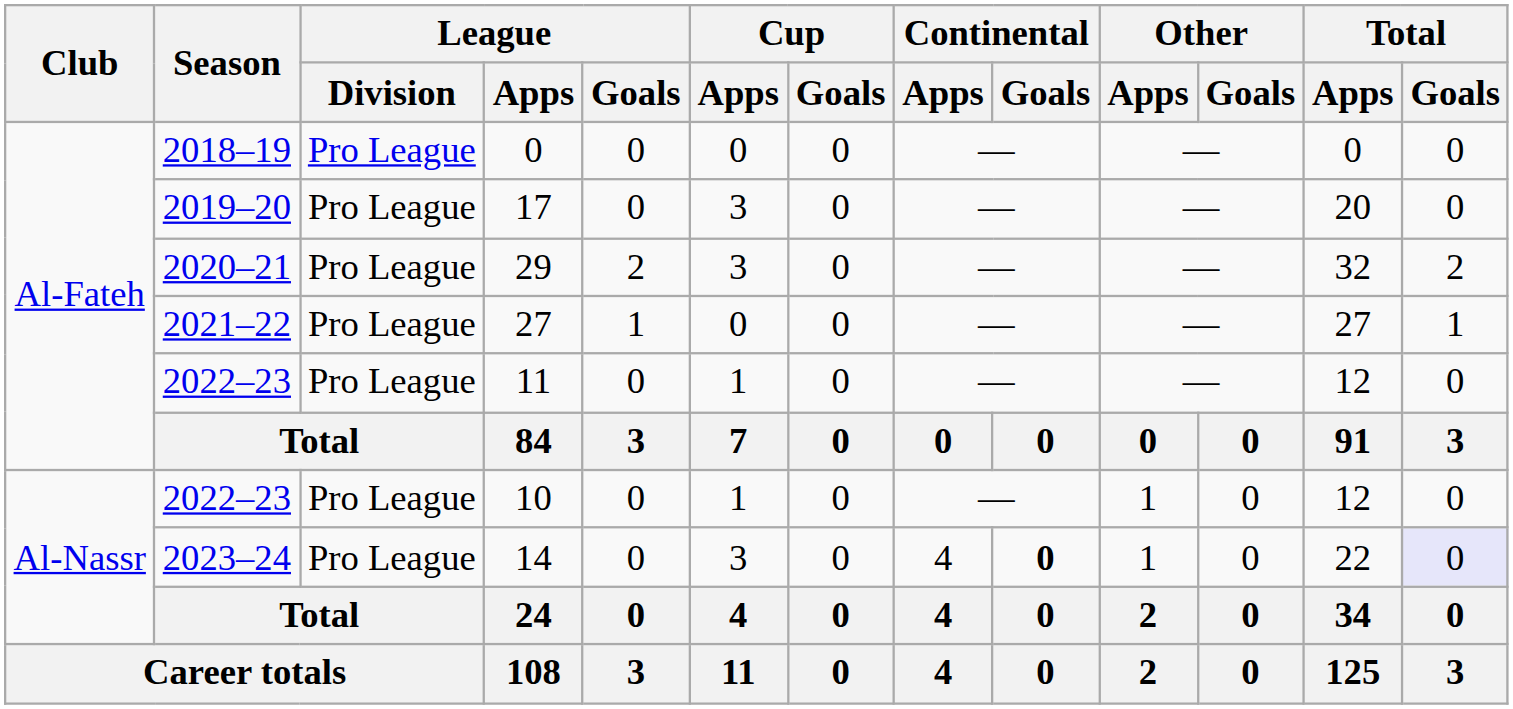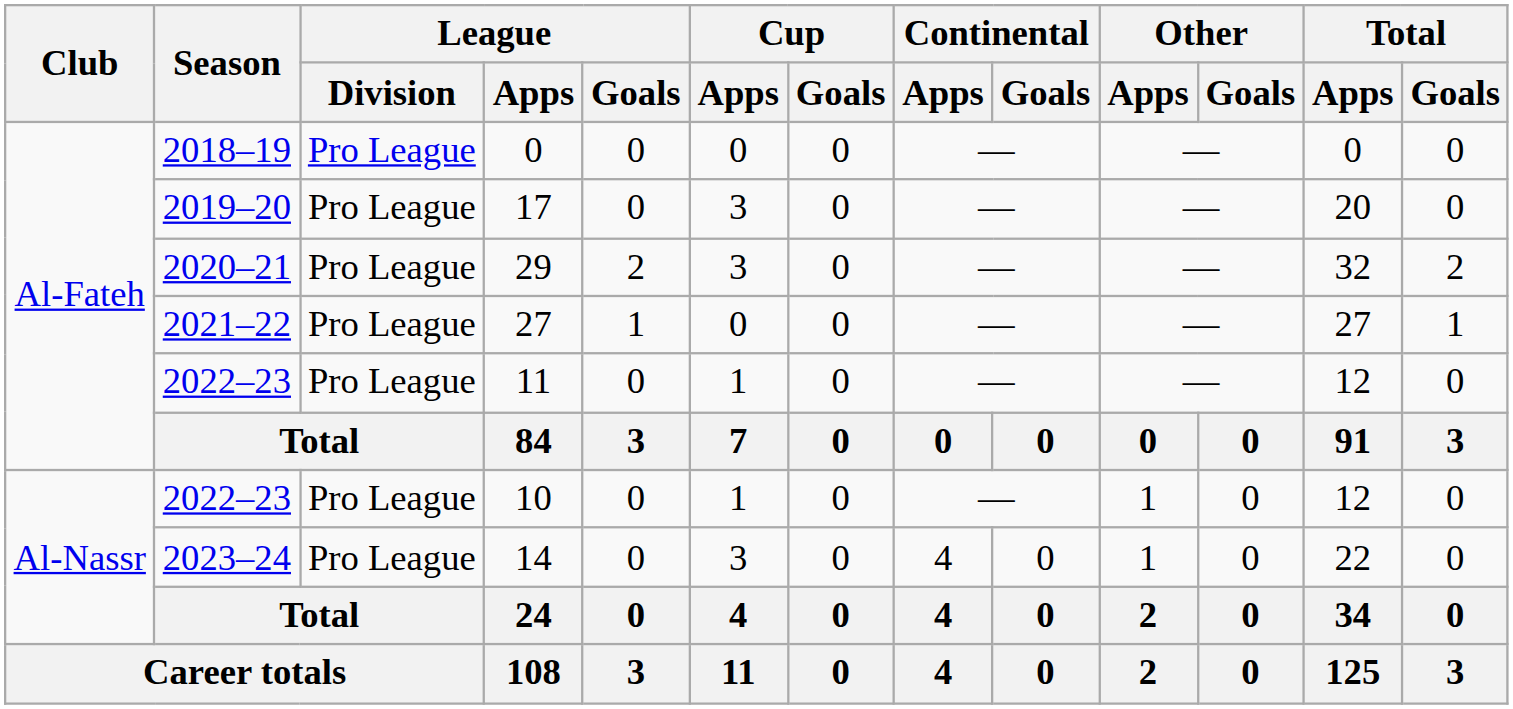 <table class="wikitable" style="text-align: center">
 <tr>
 <th rowspan="2">Club</th>
 <th rowspan="2">Season</th>
 <th colspan="3">League</th>
 <th colspan="2">Cup</th>
 <th colspan="2">Continental</th>
 <th colspan="2">Other</th>
 <th colspan="2">Total</th>
 </tr>
 <tr>
 <th>Division</th>
 <th>Apps</th>
 <th>Goals</th>
 <th>Apps</th>
 <th>Goals</th>
 <th>Apps</th>
 <th>Goals</th>
 <th>Apps</th>
 <th>Goals</th>
 <th>Apps</th>
 <th>Goals</th>
 </tr>
 <tr>
 <td rowspan=6><a href='#'>Al-Fateh</a></td>
 <td><a href='#'>2018–19</a></td>
 <td><a href='#'>Pro League</a></td>
 <td>0</td>
 <td>0</td>
 <td>0</td>
 <td>0</td>
 <td colspan="2">—</td>
 <td colspan="2">—</td>
 <td>0</td>
 <td>0</td>
 </tr>
 <tr>
 <td><a href='#'>2019–20</a></td>
 <td>Pro League</td>
 <td>17</td>
 <td>0</td>
 <td>3</td>
 <td>0</td>
 <td colspan="2">—</td>
 <td colspan="2">—</td>
 <td>20</td>
 <td>0</td>
 </tr>
 <tr>
 <td><a href='#'>2020–21</a></td>
 <td>Pro League</td>
 <td>29</td>
 <td>2</td>
 <td>3</td>
 <td>0</td>
 <td colspan="2">—</td>
 <td colspan="2">—</td>
 <td>32</td>
 <td>2</td>
 </tr>
 <tr>
 <td><a href='#'>2021–22</a></td>
 <td>Pro League</td>
 <td>27</td>
 <td>1</td>
 <td>0</td>
 <td>0</td>
 <td colspan="2">—</td>
 <td colspan="2">—</td>
 <td>27</td>
 <td>1</td>
 </tr>
 <tr>
 <td><a href='#'>2022–23</a></td>
 <td>Pro League</td>
 <td>11</td>
 <td>0</td>
 <td>1</td>
 <td>0</td>
 <td colspan="2">—</td>
 <td colspan="2">—</td>
 <td>12</td>
 <td>0</td>
 </tr>
 <tr>
 <th colspan="2">Total</th>
 <th>84</th>
 <th>3</th>
 <th>7</th>
 <th>0</th>
 <th>0</th>
 <th>0</th>
 <th>0</th>
 <th>0</th>
 <th>91</th>
 <th>3</th>
 </tr>
 <tr>
 <td rowspan=3><a href='#'>Al-Nassr</a></td>
 <td><a href='#'>2022–23</a></td>
 <td>Pro League</td>
 <td>10</td>
 <td>0</td>
 <td>1</td>
 <td>0</td>
 <td colspan="2">—</td>
 <td>1</td>
 <td>0</td>
 <td>12</td>
 <td>0</td>
 </tr>
 <tr>
 <td><a href='#'>2023–24</a></td>
 <td>Pro League</td>
 <td>14</td>
 <td>0</td>
 <td>3</td>
 <td>0</td>
 <td>4</td>
-<td><strong>0</strong></td>
+<td>0</td>
 <td>1</td>
 <td>0</td>
 <td>22</td>
-<td style="background: lavender;">0</td>
+<td>0</td>
 </tr>
 <tr>
 <th colspan="2">Total</th>
 <th>24</th>
 <th>0</th>
 <th>4</th>
 <th>0</th>
 <th>4</th>
 <th>0</th>
 <th>2</th>
 <th>0</th>
 <th>34</th>
 <th>0</th>
 </tr>
 <tr>
 <th colspan=3>Career totals</th>
 <th>108</th>
 <th>3</th>
 <th>11</th>
 <th>0</th>
 <th>4</th>
 <th>0</th>
 <th>2</th>
 <th>0</th>
 <th>125</th>
 <th>3</th>
 </tr>
 </table>
